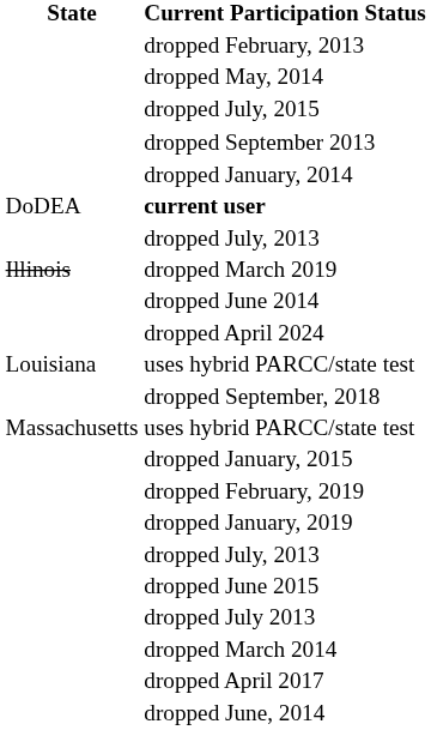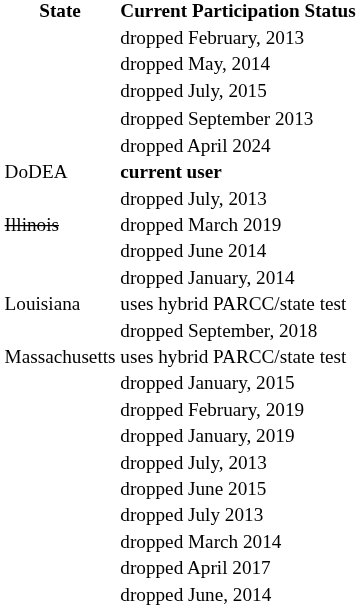 <table>
 <tr>
 <th>State</th>
 <th>Current Participation Status</th>
 </tr>
 <tr>
 <td></td>
 <td>dropped February, 2013</td>
 </tr>
 <tr>
 <td></td>
 <td>dropped May, 2014</td>
 </tr>
 <tr>
 <td></td>
 <td>dropped July, 2015</td>
 </tr>
 <tr>
 </tr>
 <tr>
 <td></td>
 <td>dropped September 2013</td>
 </tr>
 <tr>
 <td></td>
-<td>dropped January, 2014</td>
+<td>dropped April 2024</td>
 </tr>
 <tr>
 <td>DoDEA</td>
 <td><strong>current user</strong></td>
 </tr>
 <tr>
 <td></td>
 <td>dropped July, 2013</td>
 </tr>
 <tr>
 <td><s>Illinois</s></td>
 <td>dropped March 2019</td>
 </tr>
 <tr>
 <td></td>
 <td>dropped June 2014</td>
 </tr>
 <tr>
 <td></td>
-<td>dropped April 2024</td>
+<td>dropped January, 2014</td>
 </tr>
 <tr>
 <td>Louisiana</td>
 <td>uses hybrid PARCC/state test</td>
 </tr>
 <tr>
 <td></td>
 <td>dropped September, 2018</td>
 </tr>
 <tr>
 <td>Massachusetts</td>
 <td>uses hybrid PARCC/state test</td>
 </tr>
 <tr>
 <td></td>
 <td>dropped January, 2015</td>
 </tr>
 <tr>
 <td></td>
 <td>dropped February, 2019</td>
 </tr>
 <tr>
 <td></td>
 <td>dropped January, 2019</td>
 </tr>
 <tr>
 <td></td>
 <td>dropped July, 2013</td>
 </tr>
 <tr>
 <td></td>
 <td>dropped June 2015</td>
 </tr>
 <tr>
 <td></td>
 <td>dropped July 2013</td>
 </tr>
 <tr>
 <td></td>
 <td>dropped March 2014</td>
 </tr>
 <tr>
 <td></td>
 <td>dropped April 2017</td>
 </tr>
 <tr>
 <td></td>
 <td>dropped June, 2014</td>
 </tr>
 </table>
